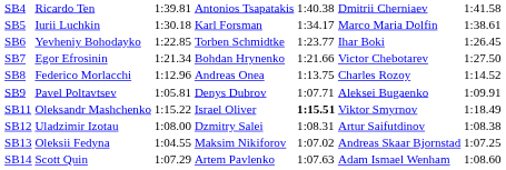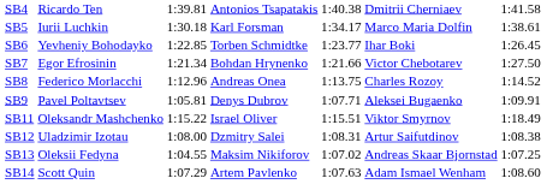 <table>
 <tr>
 <td><a href='#'>SB4</a></td>
 <td><a href='#'>Ricardo Ten</a><br></td>
 <td>1:39.81</td>
 <td><a href='#'>Antonios Tsapatakis</a><br></td>
 <td>1:40.38</td>
 <td><a href='#'>Dmitrii Cherniaev</a><br></td>
 <td>1:41.58</td>
 </tr>
 <tr>
 <td><a href='#'>SB5</a></td>
 <td><a href='#'>Iurii Luchkin</a><br></td>
 <td>1:30.18</td>
 <td><a href='#'>Karl Forsman</a><br></td>
 <td>1:34.17</td>
 <td><a href='#'>Marco Maria Dolfin</a><br></td>
 <td>1:38.61</td>
 </tr>
 <tr>
 <td><a href='#'>SB6</a></td>
 <td><a href='#'>Yevheniy Bohodayko</a><br></td>
 <td>1:22.85</td>
 <td><a href='#'>Torben Schmidtke</a><br></td>
 <td>1:23.77</td>
 <td><a href='#'>Ihar Boki</a><br></td>
 <td>1:26.45</td>
 </tr>
 <tr>
 <td><a href='#'>SB7</a></td>
 <td><a href='#'>Egor Efrosinin</a><br></td>
 <td>1:21.34</td>
 <td><a href='#'>Bohdan Hrynenko</a><br></td>
 <td>1:21.66</td>
 <td><a href='#'>Victor Chebotarev</a><br></td>
 <td>1:27.50</td>
 </tr>
 <tr>
 <td><a href='#'>SB8</a></td>
 <td><a href='#'>Federico Morlacchi</a><br></td>
 <td>1:12.96</td>
 <td><a href='#'>Andreas Onea</a><br></td>
 <td>1:13.75</td>
 <td><a href='#'>Charles Rozoy</a><br></td>
 <td>1:14.52</td>
 </tr>
 <tr>
 <td><a href='#'>SB9</a></td>
 <td><a href='#'>Pavel Poltavtsev</a><br></td>
 <td>1:05.81</td>
 <td><a href='#'>Denys Dubrov</a><br></td>
 <td>1:07.71</td>
 <td><a href='#'>Aleksei Bugaenko</a><br></td>
 <td>1:09.91</td>
 </tr>
 <tr>
 <td><a href='#'>SB11</a></td>
 <td><a href='#'>Oleksandr Mashchenko</a><br></td>
 <td>1:15.22</td>
 <td><a href='#'>Israel Oliver</a><br></td>
-<td><strong>1:15.51</strong></td>
+<td>1:15.51</td>
 <td><a href='#'>Viktor Smyrnov</a><br></td>
 <td>1:18.49</td>
 </tr>
 <tr>
 <td><a href='#'>SB12</a></td>
 <td><a href='#'>Uladzimir Izotau</a><br></td>
 <td>1:08.00</td>
 <td><a href='#'>Dzmitry Salei</a><br></td>
 <td>1:08.31</td>
 <td><a href='#'>Artur Saifutdinov</a><br></td>
 <td>1:08.38</td>
 </tr>
 <tr>
 <td><a href='#'>SB13</a></td>
 <td><a href='#'>Oleksii Fedyna</a><br></td>
 <td>1:04.55</td>
 <td><a href='#'>Maksim Nikiforov</a><br></td>
 <td>1:07.02</td>
 <td><a href='#'>Andreas Skaar Bjornstad</a><br></td>
 <td>1:07.25</td>
 </tr>
 <tr>
 <td><a href='#'>SB14</a></td>
 <td><a href='#'>Scott Quin</a><br></td>
 <td>1:07.29</td>
 <td><a href='#'>Artem Pavlenko</a><br></td>
 <td>1:07.63</td>
 <td><a href='#'>Adam Ismael Wenham</a><br></td>
 <td>1:08.60</td>
 </tr>
 </table>
